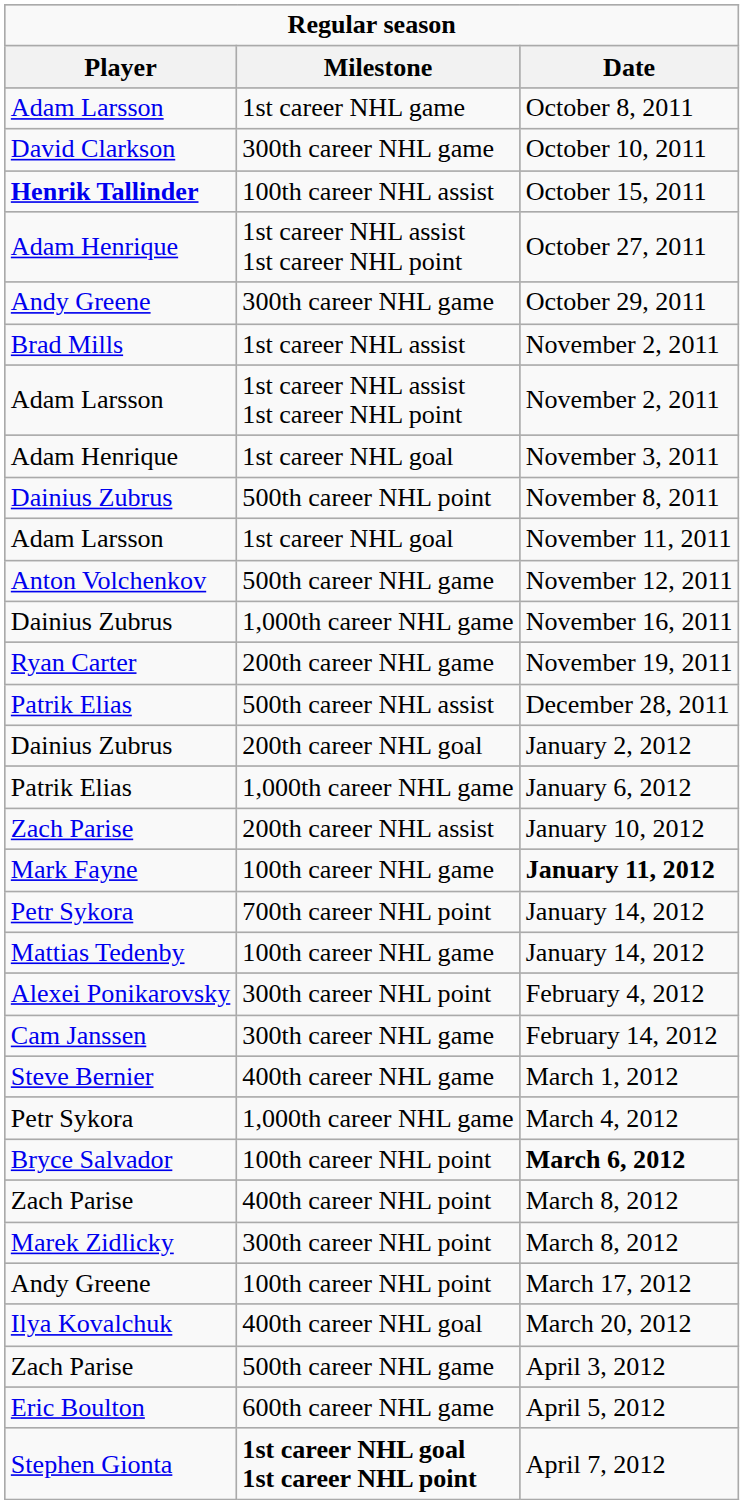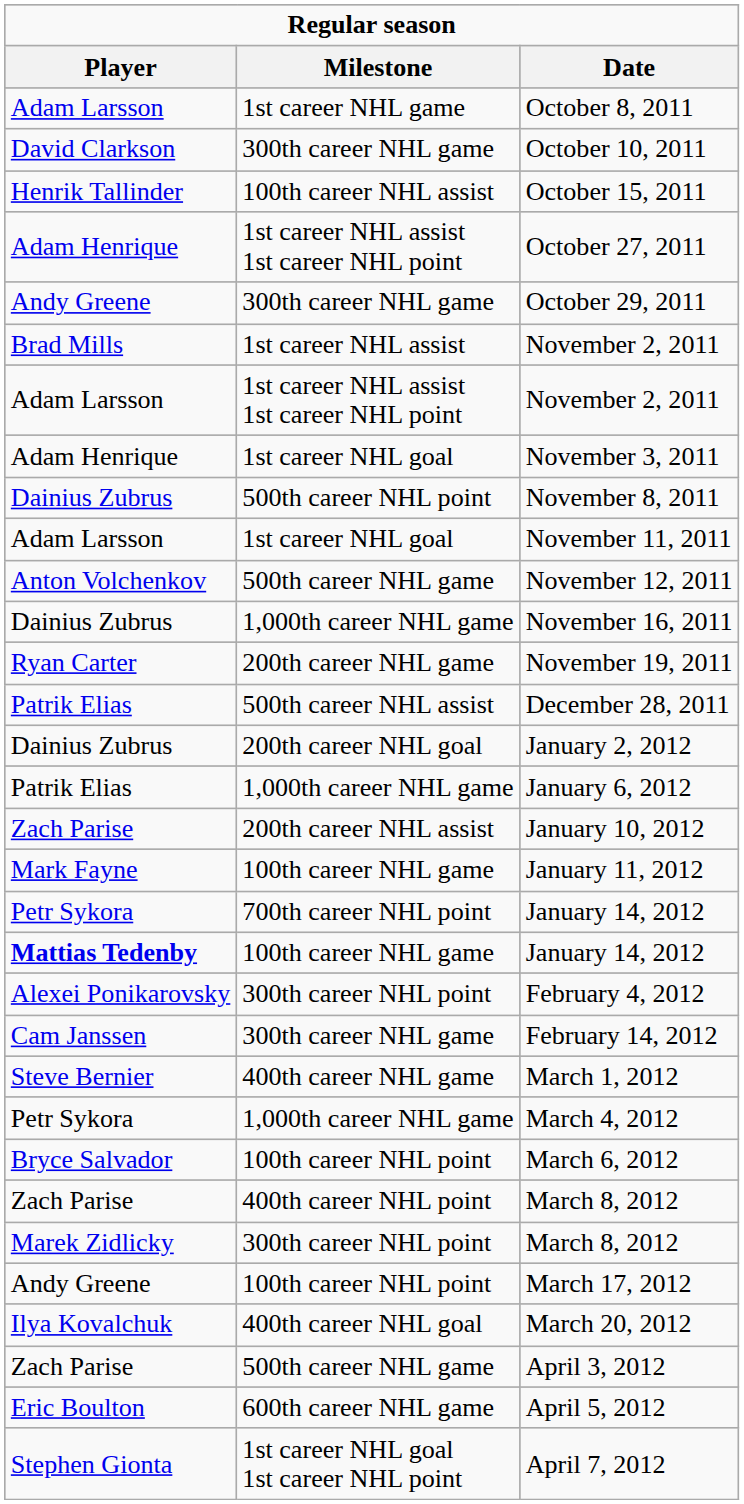 <table class="wikitable">
 <tr>
 <td colspan="10" style="text-align:center;"><strong>Regular season</strong></td>
 </tr>
 <tr style="text-align:center; background:#ddd;">
 <th>Player</th>
 <th>Milestone</th>
 <th>Date</th>
 </tr>
 <tr>
 <td><a href='#'>Adam Larsson</a></td>
 <td>1st career NHL game</td>
 <td>October 8, 2011</td>
 </tr>
 <tr>
 <td><a href='#'>David Clarkson</a></td>
 <td>300th career NHL game</td>
 <td>October 10, 2011</td>
 </tr>
 <tr>
-<td><strong><a href='#'>Henrik Tallinder</a></strong></td>
+<td><a href='#'>Henrik Tallinder</a></td>
 <td>100th career NHL assist</td>
 <td>October 15, 2011</td>
 </tr>
 <tr>
 <td><a href='#'>Adam Henrique</a></td>
 <td>1st career NHL assist<br>1st career NHL point</td>
 <td>October 27, 2011</td>
 </tr>
 <tr>
 <td><a href='#'>Andy Greene</a></td>
 <td>300th career NHL game</td>
 <td>October 29, 2011</td>
 </tr>
 <tr>
 <td><a href='#'>Brad Mills</a></td>
 <td>1st career NHL assist</td>
 <td>November 2, 2011</td>
 </tr>
 <tr>
 <td>Adam Larsson</td>
 <td>1st career NHL assist<br>1st career NHL point</td>
 <td>November 2, 2011</td>
 </tr>
 <tr>
 <td>Adam Henrique</td>
 <td>1st career NHL goal</td>
 <td>November 3, 2011</td>
 </tr>
 <tr>
 <td><a href='#'>Dainius Zubrus</a></td>
 <td>500th career NHL point</td>
 <td>November 8, 2011</td>
 </tr>
 <tr>
 <td>Adam Larsson</td>
 <td>1st career NHL goal</td>
 <td>November 11, 2011</td>
 </tr>
 <tr>
 <td><a href='#'>Anton Volchenkov</a></td>
 <td>500th career NHL game</td>
 <td>November 12, 2011</td>
 </tr>
 <tr>
 <td>Dainius Zubrus</td>
 <td>1,000th career NHL game</td>
 <td>November 16, 2011</td>
 </tr>
 <tr>
 <td><a href='#'>Ryan Carter</a></td>
 <td>200th career NHL game</td>
 <td>November 19, 2011</td>
 </tr>
 <tr>
 <td><a href='#'>Patrik Elias</a></td>
 <td>500th career NHL assist</td>
 <td>December 28, 2011</td>
 </tr>
 <tr>
 <td>Dainius Zubrus</td>
 <td>200th career NHL goal</td>
 <td>January 2, 2012</td>
 </tr>
 <tr>
 <td>Patrik Elias</td>
 <td>1,000th career NHL game</td>
 <td>January 6, 2012</td>
 </tr>
 <tr>
 <td><a href='#'>Zach Parise</a></td>
 <td>200th career NHL assist</td>
 <td>January 10, 2012</td>
 </tr>
 <tr>
 <td><a href='#'>Mark Fayne</a></td>
 <td>100th career NHL game</td>
-<td><strong>January 11, 2012</strong></td>
+<td>January 11, 2012</td>
 </tr>
 <tr>
 <td><a href='#'>Petr Sykora</a></td>
 <td>700th career NHL point</td>
 <td>January 14, 2012</td>
 </tr>
 <tr>
-<td><a href='#'>Mattias Tedenby</a></td>
+<td><strong><a href='#'>Mattias Tedenby</a></strong></td>
 <td>100th career NHL game</td>
 <td>January 14, 2012</td>
 </tr>
 <tr>
 <td><a href='#'>Alexei Ponikarovsky</a></td>
 <td>300th career NHL point</td>
 <td>February 4, 2012</td>
 </tr>
 <tr>
 <td><a href='#'>Cam Janssen</a></td>
 <td>300th career NHL game</td>
 <td>February 14, 2012</td>
 </tr>
 <tr>
 <td><a href='#'>Steve Bernier</a></td>
 <td>400th career NHL game</td>
 <td>March 1, 2012</td>
 </tr>
 <tr>
 <td>Petr Sykora</td>
 <td>1,000th career NHL game</td>
 <td>March 4, 2012</td>
 </tr>
 <tr>
 <td><a href='#'>Bryce Salvador</a></td>
 <td>100th career NHL point</td>
-<td><strong>March 6, 2012</strong></td>
+<td>March 6, 2012</td>
 </tr>
 <tr>
 <td>Zach Parise</td>
 <td>400th career NHL point</td>
 <td>March 8, 2012</td>
 </tr>
 <tr>
 <td><a href='#'>Marek Zidlicky</a></td>
 <td>300th career NHL point</td>
 <td>March 8, 2012</td>
 </tr>
 <tr>
 <td>Andy Greene</td>
 <td>100th career NHL point</td>
 <td>March 17, 2012</td>
 </tr>
 <tr>
 <td><a href='#'>Ilya Kovalchuk</a></td>
 <td>400th career NHL goal</td>
 <td>March 20, 2012</td>
 </tr>
 <tr>
 <td>Zach Parise</td>
 <td>500th career NHL game</td>
 <td>April 3, 2012</td>
 </tr>
 <tr>
 <td><a href='#'>Eric Boulton</a></td>
 <td>600th career NHL game</td>
 <td>April 5, 2012</td>
 </tr>
 <tr>
 <td><a href='#'>Stephen Gionta</a></td>
-<td><strong>1st career NHL goal<br>1st career NHL point</strong></td>
+<td>1st career NHL goal<br>1st career NHL point</td>
 <td>April 7, 2012</td>
 </tr>
 </table>
